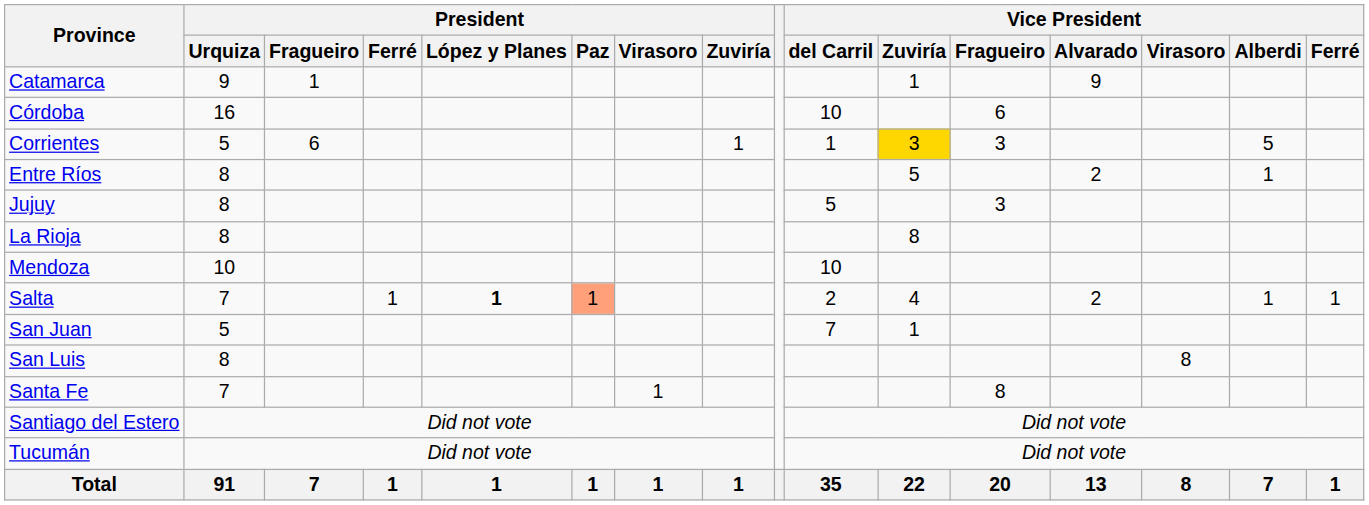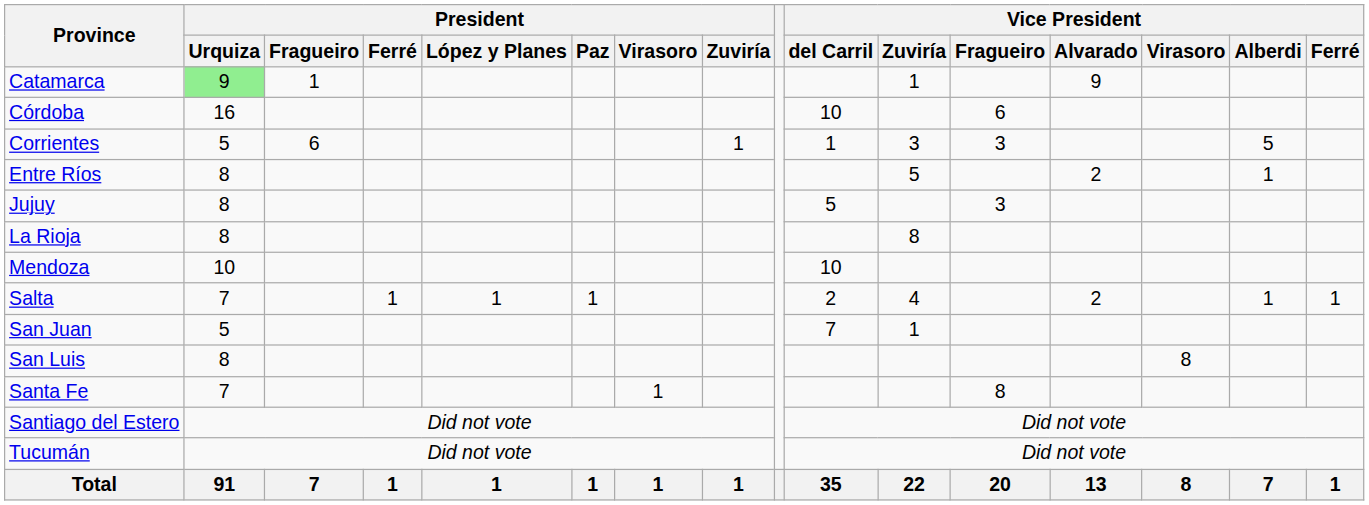 <table class="wikitable" style="text-align:center;">
 <tr>
 <th rowspan=2>Province</th>
 <th colspan=7>President</th>
 <th rowspan=2></th>
 <th colspan=7>Vice President</th>
 </tr>
 <tr>
 <th>Urquiza</th>
 <th>Fragueiro</th>
 <th>Ferré</th>
 <th>López y Planes</th>
 <th>Paz</th>
 <th>Virasoro</th>
 <th>Zuviría</th>
 <th>del Carril</th>
 <th>Zuviría</th>
 <th>Fragueiro</th>
 <th>Alvarado</th>
 <th>Virasoro</th>
 <th>Alberdi</th>
 <th>Ferré</th>
 </tr>
 <tr>
 <td align="left"><a href='#'>Catamarca</a></td>
-<td>9</td>
+<td style="background: lightgreen;">9</td>
 <td>1</td>
 <td></td>
 <td></td>
 <td></td>
 <td></td>
 <td></td>
 <td rowspan=13></td>
 <td></td>
 <td>1</td>
 <td></td>
 <td>9</td>
 <td></td>
 <td></td>
 <td></td>
 </tr>
 <tr>
 <td align="left"><a href='#'>Córdoba</a></td>
 <td>16</td>
 <td></td>
 <td></td>
 <td></td>
 <td></td>
 <td></td>
 <td></td>
 <td>10</td>
 <td></td>
 <td>6</td>
 <td></td>
 <td></td>
 <td></td>
 <td></td>
 </tr>
 <tr>
 <td align="left"><a href='#'>Corrientes</a></td>
 <td>5</td>
 <td>6</td>
 <td></td>
 <td></td>
 <td></td>
 <td></td>
 <td>1</td>
 <td>1</td>
-<td style="background: gold;">3</td>
+<td>3</td>
 <td>3</td>
 <td></td>
 <td></td>
 <td>5</td>
 <td></td>
 </tr>
 <tr>
 <td align="left"><a href='#'>Entre Ríos</a></td>
 <td>8</td>
 <td></td>
 <td></td>
 <td></td>
 <td></td>
 <td></td>
 <td></td>
 <td></td>
 <td>5</td>
 <td></td>
 <td>2</td>
 <td></td>
 <td>1</td>
 <td></td>
 </tr>
 <tr>
 <td align="left"><a href='#'>Jujuy</a></td>
 <td>8</td>
 <td></td>
 <td></td>
 <td></td>
 <td></td>
 <td></td>
 <td></td>
 <td>5</td>
 <td></td>
 <td>3</td>
 <td></td>
 <td></td>
 <td></td>
 <td></td>
 </tr>
 <tr>
 <td align="left"><a href='#'>La Rioja</a></td>
 <td>8</td>
 <td></td>
 <td></td>
 <td></td>
 <td></td>
 <td></td>
 <td></td>
 <td></td>
 <td>8</td>
 <td></td>
 <td></td>
 <td></td>
 <td></td>
 <td></td>
 </tr>
 <tr>
 <td align="left"><a href='#'>Mendoza</a></td>
 <td>10</td>
 <td></td>
 <td></td>
 <td></td>
 <td></td>
 <td></td>
 <td></td>
 <td>10</td>
 <td></td>
 <td></td>
 <td></td>
 <td></td>
 <td></td>
 <td></td>
 </tr>
 <tr>
 <td align="left"><a href='#'>Salta</a></td>
 <td>7</td>
 <td></td>
 <td>1</td>
-<td><strong>1</strong></td>
-<td style="background: lightsalmon;">1</td>
+<td>1</td>
+<td>1</td>
 <td></td>
 <td></td>
 <td>2</td>
 <td>4</td>
 <td></td>
 <td>2</td>
 <td></td>
 <td>1</td>
 <td>1</td>
 </tr>
 <tr>
 <td align="left"><a href='#'>San Juan</a></td>
 <td>5</td>
 <td></td>
 <td></td>
 <td></td>
 <td></td>
 <td></td>
 <td></td>
 <td>7</td>
 <td>1</td>
 <td></td>
 <td></td>
 <td></td>
 <td></td>
 <td></td>
 </tr>
 <tr>
 <td align="left"><a href='#'>San Luis</a></td>
 <td>8</td>
 <td></td>
 <td></td>
 <td></td>
 <td></td>
 <td></td>
 <td></td>
 <td></td>
 <td></td>
 <td></td>
 <td></td>
 <td>8</td>
 <td></td>
 <td></td>
 </tr>
 <tr>
 <td align="left"><a href='#'>Santa Fe</a></td>
 <td>7</td>
 <td></td>
 <td></td>
 <td></td>
 <td></td>
 <td>1</td>
 <td></td>
 <td></td>
 <td></td>
 <td>8</td>
 <td></td>
 <td></td>
 <td></td>
 <td></td>
 </tr>
 <tr>
 <td align="left"><a href='#'>Santiago del Estero</a></td>
 <td colspan=7><em>Did not vote</em></td>
 <td colspan=7><em>Did not vote</em></td>
 </tr>
 <tr>
 <td align="left"><a href='#'>Tucumán</a></td>
 <td colspan=7><em>Did not vote</em></td>
 <td colspan=7><em>Did not vote</em></td>
 </tr>
 <tr>
 <th>Total</th>
 <th>91</th>
 <th>7</th>
 <th>1</th>
 <th>1</th>
 <th>1</th>
 <th>1</th>
 <th>1</th>
 <th></th>
 <th>35</th>
 <th>22</th>
 <th>20</th>
 <th>13</th>
 <th>8</th>
 <th>7</th>
 <th>1</th>
 </tr>
 </table>
